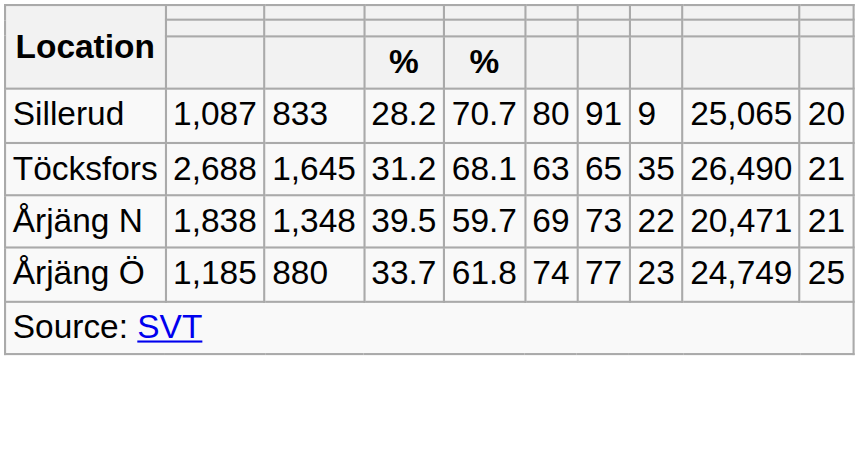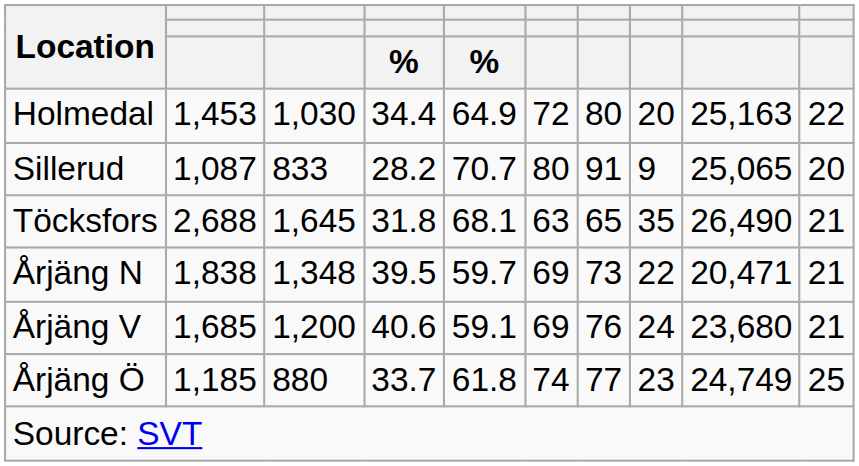 <table role="presentation" class="wikitable sortable mw-collapsible">
 <tr>
 <th rowspan="3">Location</th>
 <th></th>
 <th></th>
 <th></th>
 <th></th>
 <th></th>
 <th></th>
 <th></th>
 <th></th>
 <th></th>
 </tr>
 <tr>
 <th></th>
 <th></th>
 <th style="background:"></th>
 <th style="background:"></th>
 <th></th>
 <th></th>
 <th></th>
 <th></th>
 <th></th>
 </tr>
 <tr>
 <th data-sort-type="number"></th>
 <th data-sort-type="number"></th>
 <th data-sort-type="number">%</th>
 <th data-sort-type="number">%</th>
 <th data-sort-type="number"></th>
 <th data-sort-type="number"></th>
 <th data-sort-type="number"></th>
 <th data-sort-type="number"></th>
 <th data-sort-type="number"></th>
 </tr>
 <tr>
+<td align="left">Holmedal</td>
+<td>1,453</td>
+<td>1,030</td>
+<td>34.4</td>
+<td>64.9</td>
+<td>72</td>
+<td>80</td>
+<td>20</td>
+<td>25,163</td>
+<td>22</td>
+</tr>
+<tr>
 <td align="left">Sillerud</td>
 <td>1,087</td>
 <td>833</td>
 <td>28.2</td>
 <td>70.7</td>
 <td>80</td>
 <td>91</td>
 <td>9</td>
 <td>25,065</td>
 <td>20</td>
 </tr>
 <tr>
 <td align="left">Töcksfors</td>
 <td>2,688</td>
 <td>1,645</td>
-<td>31.2</td>
+<td>31.8</td>
 <td>68.1</td>
 <td>63</td>
 <td>65</td>
 <td>35</td>
 <td>26,490</td>
 <td>21</td>
 </tr>
 <tr>
 <td align="left">Årjäng N</td>
 <td>1,838</td>
 <td>1,348</td>
 <td>39.5</td>
 <td>59.7</td>
 <td>69</td>
 <td>73</td>
 <td>22</td>
 <td>20,471</td>
 <td>21</td>
 </tr>
 <tr>
+<td align="left">Årjäng V</td>
+<td>1,685</td>
+<td>1,200</td>
+<td>40.6</td>
+<td>59.1</td>
+<td>69</td>
+<td>76</td>
+<td>24</td>
+<td>23,680</td>
+<td>21</td>
+</tr>
+<tr>
 <td align="left">Årjäng Ö</td>
 <td>1,185</td>
 <td>880</td>
 <td>33.7</td>
 <td>61.8</td>
 <td>74</td>
 <td>77</td>
 <td>23</td>
 <td>24,749</td>
 <td>25</td>
 </tr>
 <tr>
 <td colspan="10" align="left">Source: <a href='#'>SVT</a></td>
 </tr>
 </table>
